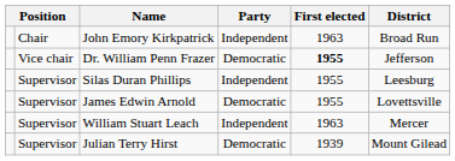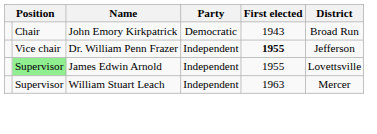 <table class="wikitable">
 <tr>
 <th colspan="2">Position</th>
 <th>Name</th>
 <th>Party</th>
 <th>First elected</th>
 <th>District</th>
 </tr>
 <tr>
 <td style="background-color:"> </td>
 <td>Chair</td>
 <td>John Emory Kirkpatrick</td>
-<td style="text-align:center;">Independent</td>
-<td style="text-align:center;">1963</td>
+<td style="text-align:center;">Democratic</td>
+<td style="text-align:center;">1943</td>
 <td style="text-align:center;">Broad Run</td>
 </tr>
 <tr>
 <td style="background-color:"> </td>
 <td>Vice chair</td>
 <td>Dr. William Penn Frazer</td>
-<td style="text-align:center;">Democratic</td>
+<td style="text-align:center;">Independent</td>
 <td style="text-align:center;"><strong>1955</strong></td>
 <td style="text-align:center;">Jefferson</td>
 </tr>
 <tr>
 <td style="background-color:"> </td>
-<td>Supervisor</td>
-<td>Silas Duran Phillips</td>
+<td style="background: lightgreen;">Supervisor</td>
+<td>James Edwin Arnold</td>
 <td style="text-align:center;">Independent</td>
-<td style="text-align:center;">1955</td>
-<td style="text-align:center;">Leesburg</td>
-</tr>
-<tr>
-<td style="background-color:"> </td>
-<td>Supervisor</td>
-<td>James Edwin Arnold</td>
-<td style="text-align:center;">Democratic</td>
 <td style="text-align:center;">1955</td>
 <td style="text-align:center;">Lovettsville</td>
 </tr>
 <tr>
 <td style="background-color:"> </td>
 <td>Supervisor</td>
 <td>William Stuart Leach</td>
 <td style="text-align:center;">Independent</td>
 <td style="text-align:center;">1963</td>
 <td style="text-align:center;">Mercer</td>
 </tr>
-<tr>
-<td style="background-color:"> </td>
-<td>Supervisor</td>
-<td>Julian Terry Hirst</td>
-<td style="text-align:center;">Democratic</td>
-<td style="text-align:center;">1939</td>
-<td style="text-align:center;">Mount Gilead</td>
-</tr>
 </table>
